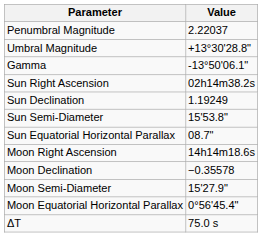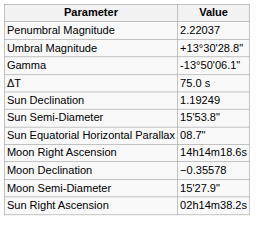 <table class="wikitable">
 <tr>
 <th>Parameter</th>
 <th>Value</th>
 </tr>
 <tr>
 <td>Penumbral Magnitude</td>
 <td>2.22037</td>
 </tr>
 <tr>
 <td>Umbral Magnitude</td>
 <td>+13°30'28.8"</td>
 </tr>
 <tr>
 <td>Gamma</td>
 <td>-13°50'06.1"</td>
 </tr>
 <tr>
-<td>Sun Right Ascension</td>
-<td>02h14m38.2s</td>
+<td>ΔT</td>
+<td>75.0 s</td>
 </tr>
 <tr>
 <td>Sun Declination</td>
 <td>1.19249</td>
 </tr>
 <tr>
 <td>Sun Semi-Diameter</td>
 <td>15'53.8"</td>
 </tr>
 <tr>
 <td>Sun Equatorial Horizontal Parallax</td>
 <td>08.7"</td>
 </tr>
 <tr>
 <td>Moon Right Ascension</td>
 <td>14h14m18.6s</td>
 </tr>
 <tr>
 <td>Moon Declination</td>
 <td>−0.35578</td>
 </tr>
 <tr>
 <td>Moon Semi-Diameter</td>
 <td>15'27.9"</td>
 </tr>
 <tr>
-<td>Moon Equatorial Horizontal Parallax</td>
-<td>0°56'45.4"</td>
-</tr>
-<tr>
-<td>ΔT</td>
-<td>75.0 s</td>
+<td>Sun Right Ascension</td>
+<td>02h14m38.2s</td>
 </tr>
 </table>
